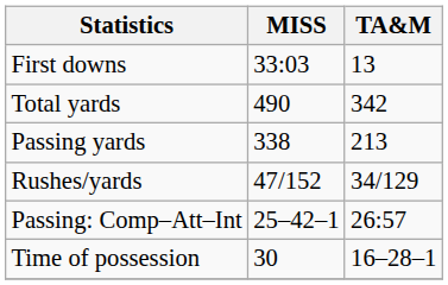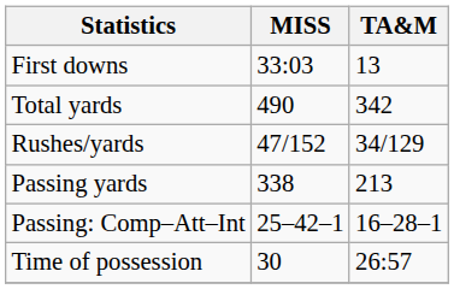 <table class="wikitable" style="float: left;">
 <tr>
 <th>Statistics</th>
 <th>MISS</th>
 <th>TA&M</th>
 </tr>
 <tr>
 <td>First downs</td>
 <td>33:03</td>
 <td>13</td>
 </tr>
 <tr>
 <td>Total yards</td>
 <td>490</td>
 <td>342</td>
 </tr>
 <tr>
+<td>Rushes/yards</td>
+<td>47/152</td>
+<td>34/129</td>
+</tr>
+<tr>
 <td>Passing yards</td>
 <td>338</td>
 <td>213</td>
 </tr>
 <tr>
-<td>Rushes/yards</td>
-<td>47/152</td>
-<td>34/129</td>
-</tr>
-<tr>
 <td>Passing: Comp–Att–Int</td>
 <td>25–42–1</td>
-<td>26:57</td>
+<td>16–28–1</td>
 </tr>
 <tr>
 <td>Time of possession</td>
 <td>30</td>
-<td>16–28–1</td>
+<td>26:57</td>
 </tr>
 <tr>
 </tr>
 </table>
